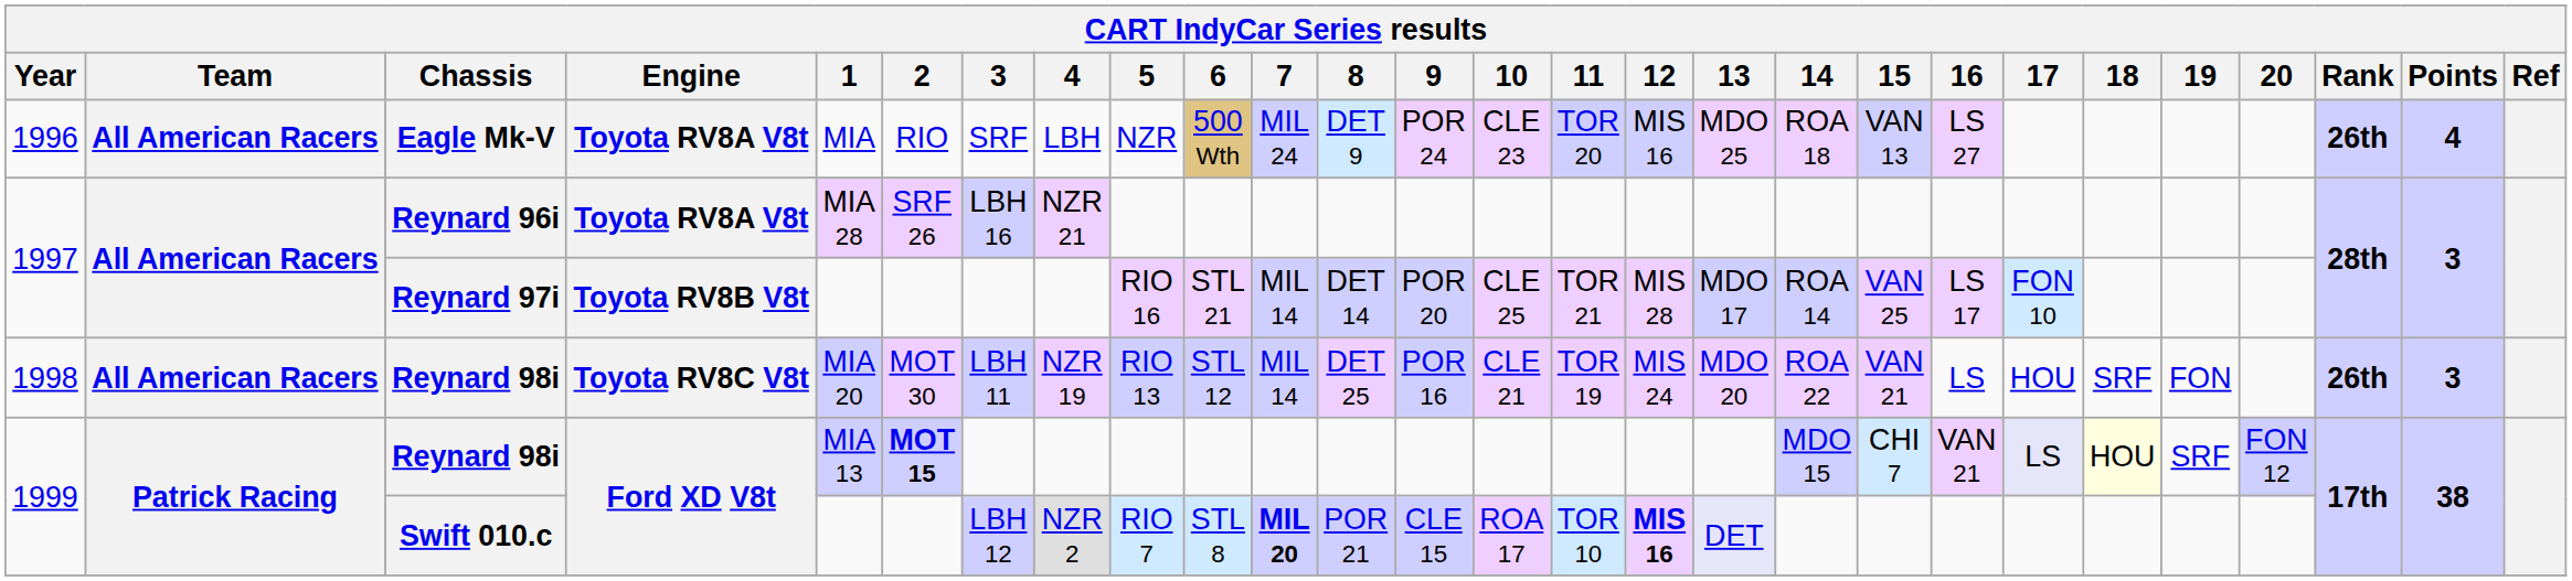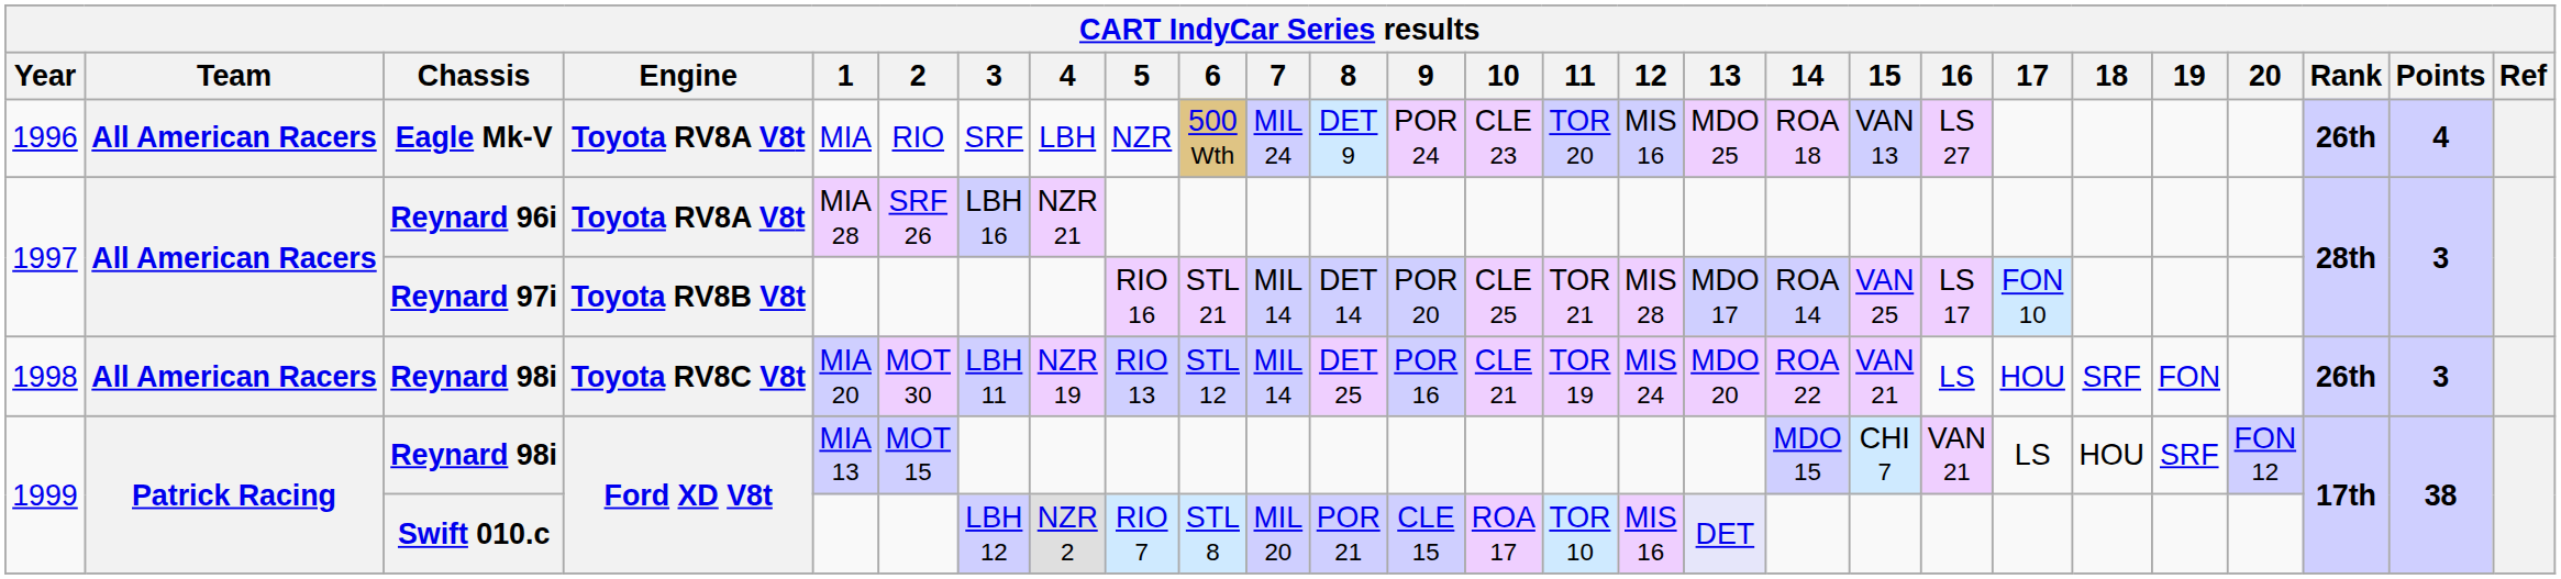 <table class="wikitable" style="text-align:center; font-size:90%">
 <tr>
 <th colspan=45><a href='#'>CART IndyCar Series</a> results</th>
 </tr>
 <tr>
 <th>Year</th>
 <th>Team</th>
 <th>Chassis</th>
 <th>Engine</th>
 <th>1</th>
 <th>2</th>
 <th>3</th>
 <th>4</th>
 <th>5</th>
 <th>6</th>
 <th>7</th>
 <th>8</th>
 <th>9</th>
 <th>10</th>
 <th>11</th>
 <th>12</th>
 <th>13</th>
 <th>14</th>
 <th>15</th>
 <th>16</th>
 <th>17</th>
 <th>18</th>
 <th>19</th>
 <th>20</th>
 <th>Rank</th>
 <th>Points</th>
 <th>Ref</th>
 </tr>
 <tr>
 <td><a href='#'>1996</a></td>
 <th><a href='#'>All American Racers</a></th>
 <th><a href='#'>Eagle</a> Mk-V</th>
 <th><a href='#'>Toyota</a> RV8A <a href='#'>V8</a><a href='#'>t</a></th>
 <td><a href='#'>MIA</a></td>
 <td><a href='#'>RIO</a></td>
 <td><a href='#'>SRF</a></td>
 <td><a href='#'>LBH</a></td>
 <td><a href='#'>NZR</a></td>
 <td style="background:#dfc484;"><a href='#'>500</a><br><small>Wth</small></td>
 <td style="background:#cfcfff;"><a href='#'>MIL</a><br><small>24</small></td>
 <td style="background:#cfeaff;"><a href='#'>DET</a><br><small>9</small></td>
 <td style="background:#efcfff;">POR<br><small>24</small></td>
 <td style="background:#efcfff;">CLE<br><small>23</small></td>
 <td style="background:#cfcfff;"><a href='#'>TOR</a><br><small>20</small></td>
 <td style="background:#cfcfff;">MIS<br><small>16</small></td>
 <td style="background:#efcfff;">MDO<br><small>25</small></td>
 <td style="background:#efcfff;">ROA<br><small>18</small></td>
 <td style="background:#cfcfff;">VAN<br><small>13</small></td>
 <td style="background:#efcfff;">LS<br><small>27</small></td>
 <td></td>
 <td></td>
 <td></td>
 <td></td>
 <td style="background:#cfcfff;"><strong>26th</strong></td>
 <td style="background:#cfcfff;"><strong>4</strong></td>
 <th></th>
 </tr>
 <tr>
 <td rowspan=2><a href='#'>1997</a></td>
 <th rowspan=2><a href='#'>All American Racers</a></th>
 <th><a href='#'>Reynard</a> 96i</th>
 <th><a href='#'>Toyota</a> RV8A <a href='#'>V8</a><a href='#'>t</a></th>
 <td style="background:#efcfff;">MIA<br><small>28</small></td>
 <td style="background:#efcfff;"><a href='#'>SRF</a><br><small>26</small></td>
 <td style="background:#cfcfff;">LBH<br><small>16</small></td>
 <td style="background:#efcfff;">NZR<br><small>21</small></td>
 <td></td>
 <td></td>
 <td></td>
 <td></td>
 <td></td>
 <td></td>
 <td></td>
 <td></td>
 <td></td>
 <td></td>
 <td></td>
 <td></td>
 <td></td>
 <td></td>
 <td></td>
 <td></td>
 <td rowspan=2 style="background:#cfcfff;"><strong>28th</strong></td>
 <td rowspan=2 style="background:#cfcfff;"><strong>3</strong></td>
 <th rowspan=2></th>
 </tr>
 <tr>
 <th><a href='#'>Reynard</a> 97i</th>
 <th><a href='#'>Toyota</a> RV8B <a href='#'>V8</a><a href='#'>t</a></th>
 <td></td>
 <td></td>
 <td></td>
 <td></td>
 <td style="background:#efcfff;">RIO<br><small>16</small></td>
 <td style="background:#efcfff;">STL<br><small>21</small></td>
 <td style="background:#cfcfff;">MIL<br><small>14</small></td>
 <td style="background:#cfcfff;">DET<br><small>14</small></td>
 <td style="background:#cfcfff;">POR<br><small>20</small></td>
 <td style="background:#efcfff;">CLE<br><small>25</small></td>
 <td style="background:#efcfff;">TOR<br><small>21</small></td>
 <td style="background:#efcfff;">MIS<br><small>28</small></td>
 <td style="background:#cfcfff;">MDO<br><small>17</small></td>
 <td style="background:#cfcfff;">ROA<br><small>14</small></td>
 <td style="background:#efcfff;"><a href='#'>VAN</a><br><small>25</small></td>
 <td style="background:#efcfff;">LS<br><small>17</small></td>
 <td style="background:#cfeaff;"><a href='#'>FON</a><br><small>10</small></td>
 <td></td>
 <td></td>
 <td></td>
 </tr>
 <tr>
 <td><a href='#'>1998</a></td>
 <th><a href='#'>All American Racers</a></th>
 <th><a href='#'>Reynard</a> 98i</th>
 <th><a href='#'>Toyota</a> RV8C <a href='#'>V8</a><a href='#'>t</a></th>
 <td style="background:#cfcfff;"><a href='#'>MIA</a><br><small>20</small></td>
 <td style="background:#efcfff;"><a href='#'>MOT</a><br><small>30</small></td>
 <td style="background:#cfcfff;"><a href='#'>LBH</a><br><small>11</small></td>
 <td style="background:#efcfff;"><a href='#'>NZR</a><br><small>19</small></td>
 <td style="background:#cfcfff;"><a href='#'>RIO</a><br><small>13</small></td>
 <td style="background:#cfcfff;"><a href='#'>STL</a><br><small>12</small></td>
 <td style="background:#cfcfff;"><a href='#'>MIL</a><br><small>14</small></td>
 <td style="background:#efcfff;"><a href='#'>DET</a><br><small>25</small></td>
 <td style="background:#cfcfff;"><a href='#'>POR</a><br><small>16</small></td>
 <td style="background:#efcfff;"><a href='#'>CLE</a><br><small>21</small></td>
 <td style="background:#efcfff;"><a href='#'>TOR</a><br><small>19</small></td>
 <td style="background:#efcfff;"><a href='#'>MIS</a><br><small>24</small></td>
 <td style="background:#efcfff;"><a href='#'>MDO</a><br><small>20</small></td>
 <td style="background:#efcfff;"><a href='#'>ROA</a><br><small>22</small></td>
 <td style="background:#efcfff;"><a href='#'>VAN</a><br><small>21</small></td>
 <td><a href='#'>LS</a></td>
 <td><a href='#'>HOU</a></td>
 <td><a href='#'>SRF</a></td>
 <td><a href='#'>FON</a></td>
 <td></td>
 <td style="background:#cfcfff;"><strong>26th</strong></td>
 <td style="background:#cfcfff;"><strong>3</strong></td>
 <th></th>
 </tr>
 <tr>
 <td rowspan=2><a href='#'>1999</a></td>
 <th rowspan=2><a href='#'>Patrick Racing</a></th>
 <th><a href='#'>Reynard</a> 98i</th>
 <th rowspan=2><a href='#'>Ford</a> <a href='#'>XD</a> <a href='#'>V8</a><a href='#'>t</a></th>
 <td style="background:#cfcfff;"><a href='#'>MIA</a><br><small>13</small></td>
-<td style="background:#cfcfff;"><strong><a href='#'>MOT</a><br><small>15</small></strong></td>
+<td style="background:#cfcfff;"><a href='#'>MOT</a><br><small>15</small></td>
 <td></td>
 <td></td>
 <td></td>
 <td></td>
 <td></td>
 <td></td>
 <td></td>
 <td></td>
 <td></td>
 <td></td>
 <td></td>
 <td style="background:#cfcfff;"><a href='#'>MDO</a><br><small>15</small></td>
 <td style="background:#cfeaff;">CHI<br><small>7</small></td>
 <td style="background:#efcfff;">VAN<br><small>21</small></td>
-<td style="background: lavender;">LS</td>
-<td style="background: lightyellow;">HOU</td>
+<td>LS</td>
+<td>HOU</td>
 <td><a href='#'>SRF</a></td>
 <td style="background:#cfcfff;"><a href='#'>FON</a><br><small>12</small></td>
 <td rowspan=2 style="background:#cfcfff;"><strong>17th</strong></td>
 <td rowspan=2 style="background:#cfcfff;"><strong>38</strong></td>
 <th rowspan=2></th>
 </tr>
 <tr>
 <th><a href='#'>Swift</a> 010.c</th>
 <td></td>
 <td></td>
 <td style="background:#cfcfff;"><a href='#'>LBH</a><br><small>12</small></td>
 <td style="background:#dfdfdf;"><a href='#'>NZR</a><br><small>2</small></td>
 <td style="background:#cfeaff;"><a href='#'>RIO</a><br><small>7</small></td>
 <td style="background:#cfeaff;"><a href='#'>STL</a><br><small>8</small></td>
-<td style="background:#cfcfff;"><strong><a href='#'>MIL</a><br><small>20</small></strong></td>
+<td style="background:#cfcfff;"><a href='#'>MIL</a><br><small>20</small></td>
 <td style="background:#cfcfff;"><a href='#'>POR</a><br><small>21</small></td>
 <td style="background:#cfcfff;"><a href='#'>CLE</a><br><small>15</small></td>
 <td style="background:#efcfff;"><a href='#'>ROA</a><br><small>17</small></td>
 <td style="background:#cfeaff;"><a href='#'>TOR</a><br><small>10</small></td>
-<td style="background:#efcfff;"><strong><a href='#'>MIS</a><br><small>16</small></strong></td>
+<td style="background:#efcfff;"><a href='#'>MIS</a><br><small>16</small></td>
 <td style="background: lavender;"><a href='#'>DET</a></td>
 <td></td>
 <td></td>
 <td></td>
 <td></td>
 <td></td>
 <td></td>
 <td></td>
 </tr>
 </table>
